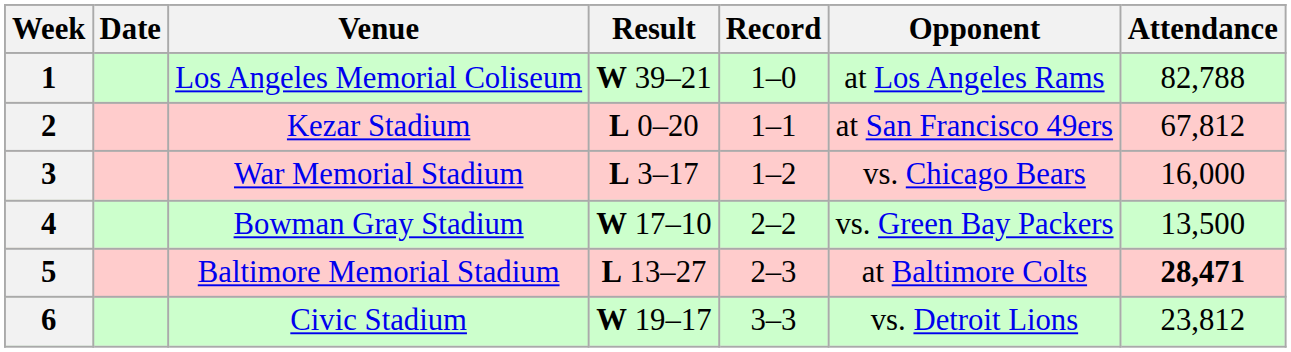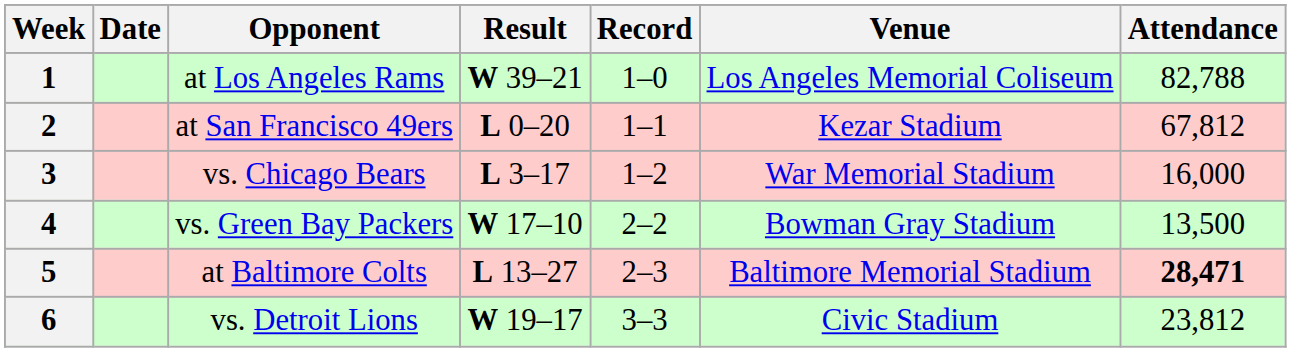 <table class="wikitable" style="text-align:center">
 <tr>
 <th>Week</th>
 <th>Date</th>
-<th>Venue</th>
+<th>Opponent</th>
 <th>Result</th>
 <th>Record</th>
-<th>Opponent</th>
+<th>Venue</th>
 <th>Attendance</th>
 </tr>
 <tr style="background:#cfc;">
 <th>1</th>
 <td></td>
-<td><a href='#'>Los Angeles Memorial Coliseum</a></td>
+<td>at <a href='#'>Los Angeles Rams</a></td>
 <td><strong>W</strong> 39–21</td>
 <td>1–0</td>
-<td>at <a href='#'>Los Angeles Rams</a></td>
+<td><a href='#'>Los Angeles Memorial Coliseum</a></td>
 <td>82,788</td>
 </tr>
 <tr style="background:#fcc;">
 <th>2</th>
 <td></td>
-<td><a href='#'>Kezar Stadium</a></td>
+<td>at <a href='#'>San Francisco 49ers</a></td>
 <td><strong>L</strong> 0–20</td>
 <td>1–1</td>
-<td>at <a href='#'>San Francisco 49ers</a></td>
+<td><a href='#'>Kezar Stadium</a></td>
 <td>67,812</td>
 </tr>
 <tr style="background:#fcc;">
 <th>3</th>
 <td></td>
-<td><a href='#'>War Memorial Stadium</a> </td>
+<td>vs. <a href='#'>Chicago Bears</a></td>
 <td><strong>L</strong> 3–17</td>
 <td>1–2</td>
-<td>vs. <a href='#'>Chicago Bears</a></td>
+<td><a href='#'>War Memorial Stadium</a> </td>
 <td>16,000</td>
 </tr>
 <tr style="background:#cfc;">
 <th>4</th>
 <td></td>
-<td><a href='#'>Bowman Gray Stadium</a> </td>
+<td>vs. <a href='#'>Green Bay Packers</a></td>
 <td><strong>W</strong> 17–10</td>
 <td>2–2</td>
-<td>vs. <a href='#'>Green Bay Packers</a></td>
+<td><a href='#'>Bowman Gray Stadium</a> </td>
 <td>13,500</td>
 </tr>
 <tr style="background:#fcc;">
 <th>5</th>
 <td></td>
-<td><a href='#'>Baltimore Memorial Stadium</a></td>
+<td>at <a href='#'>Baltimore Colts</a></td>
 <td><strong>L</strong> 13–27</td>
 <td>2–3</td>
-<td>at <a href='#'>Baltimore Colts</a></td>
+<td><a href='#'>Baltimore Memorial Stadium</a></td>
 <td><strong>28,471</strong></td>
 </tr>
 <tr style="background:#cfc;">
 <th>6</th>
 <td></td>
-<td><a href='#'>Civic Stadium</a> </td>
+<td>vs. <a href='#'>Detroit Lions</a></td>
 <td><strong>W</strong> 19–17</td>
 <td>3–3</td>
-<td>vs. <a href='#'>Detroit Lions</a></td>
+<td><a href='#'>Civic Stadium</a> </td>
 <td>23,812</td>
 </tr>
 </table>
